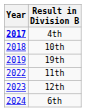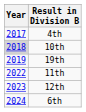 <table class="wikitable" style="text-align:center">
 <tr>
 <th>Year</th>
 <th>Result in<br>Division B</th>
 </tr>
 <tr>
-<td><strong><a href='#'>2017</a></strong></td>
+<td><a href='#'>2017</a></td>
 <td>4th</td>
 </tr>
 <tr>
-<td><a href='#'>2018</a></td>
+<td style="background: lightgrey;"><a href='#'>2018</a></td>
 <td>10th</td>
 </tr>
 <tr>
 <td><a href='#'>2019</a></td>
 <td>19th</td>
 </tr>
 <tr>
 <td><a href='#'>2022</a></td>
 <td>11th</td>
 </tr>
 <tr>
 <td><a href='#'>2023</a></td>
 <td>12th</td>
 </tr>
 <tr>
 <td><a href='#'>2024</a></td>
 <td>6th</td>
 </tr>
 </table>
